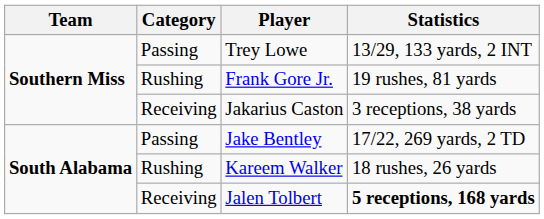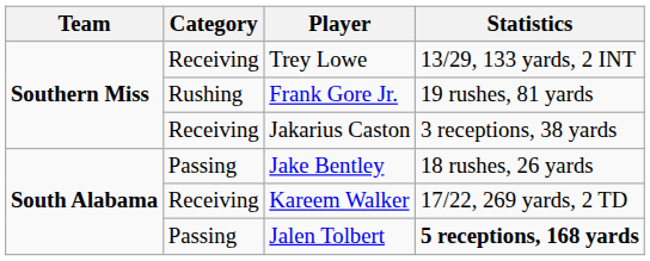 <table class="wikitable" style="float: left;">
 <tr>
 <th>Team</th>
 <th>Category</th>
 <th>Player</th>
 <th>Statistics</th>
 </tr>
 <tr>
 <td rowspan=3><strong>Southern Miss</strong></td>
-<td>Passing</td>
+<td>Receiving</td>
 <td>Trey Lowe</td>
 <td>13/29, 133 yards, 2 INT</td>
 </tr>
 <tr>
 <td>Rushing</td>
 <td><a href='#'>Frank Gore Jr.</a></td>
 <td>19 rushes, 81 yards</td>
 </tr>
 <tr>
 <td>Receiving</td>
 <td>Jakarius Caston</td>
 <td>3 receptions, 38 yards</td>
 </tr>
 <tr>
 <td rowspan=3><strong>South Alabama</strong></td>
 <td>Passing</td>
 <td><a href='#'>Jake Bentley</a></td>
-<td>17/22, 269 yards, 2 TD</td>
-</tr>
-<tr>
-<td>Rushing</td>
-<td><a href='#'>Kareem Walker</a></td>
 <td>18 rushes, 26 yards</td>
 </tr>
 <tr>
 <td>Receiving</td>
+<td><a href='#'>Kareem Walker</a></td>
+<td>17/22, 269 yards, 2 TD</td>
+</tr>
+<tr>
+<td>Passing</td>
 <td><a href='#'>Jalen Tolbert</a></td>
 <td><strong>5 receptions, 168 yards</strong></td>
 </tr>
 </table>
